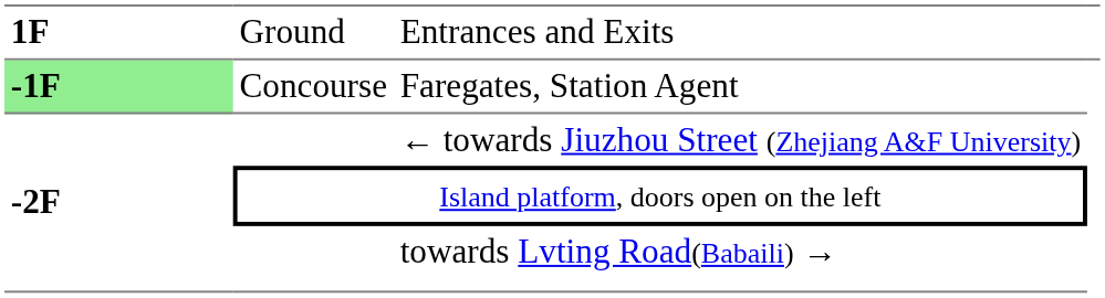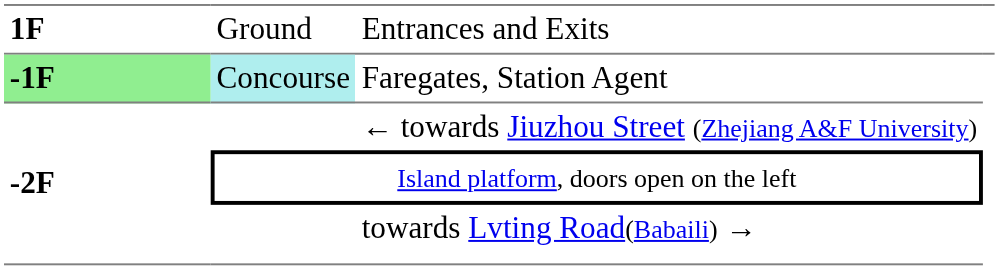 <table cellspacing=0 cellpadding=3>
 <tr>
 <td style="border-top:solid 1px gray;border-bottom:solid 1px gray;"  rowspan=1 width=100><strong>1F</strong></td>
 <td style="border-top:solid 1px gray;border-bottom:solid 1px gray;">Ground</td>
 <td style="border-top:solid 1px gray;border-bottom:solid 1px gray;">Entrances and Exits</td>
 <td style="border-top:solid 1px gray;border-bottom:solid 1px gray;"></td>
 </tr>
 <tr>
 <td style="background: lightgreen; border-bottom:solid 1px gray;"  rowspan=1 width=100><strong>-1F</strong></td>
-<td style="border-bottom:solid 1px gray;">Concourse</td>
+<td style="background: paleturquoise; border-bottom:solid 1px gray;">Concourse</td>
 <td style="border-bottom:solid 1px gray;">Faregates, Station Agent</td>
 </tr>
 <tr>
 <td style="border-bottom:solid 1px gray;" rowspan=4><strong>-2F</strong></td>
 <td></td>
 <td>←  towards <a href='#'>Jiuzhou Street</a> <small>(<a href='#'>Zhejiang A&F University</a>)</small></td>
 </tr>
 <tr>
 <td style="border-right:solid 2px black;border-left:solid 2px black;border-bottom:solid 2px black;border-top:solid 2px black;text-align:center;" colspan=2><small><a href='#'>Island platform</a>, doors open on the left</small></td>
 </tr>
 <tr>
 <td></td>
 <td>  towards <a href='#'>Lvting Road</a><small>(<a href='#'>Babaili</a>)</small> →</td>
 </tr>
 <tr>
 <td style="border-bottom:solid 1px gray;text-align:center;" colspan=2></td>
 </tr>
 </table>
